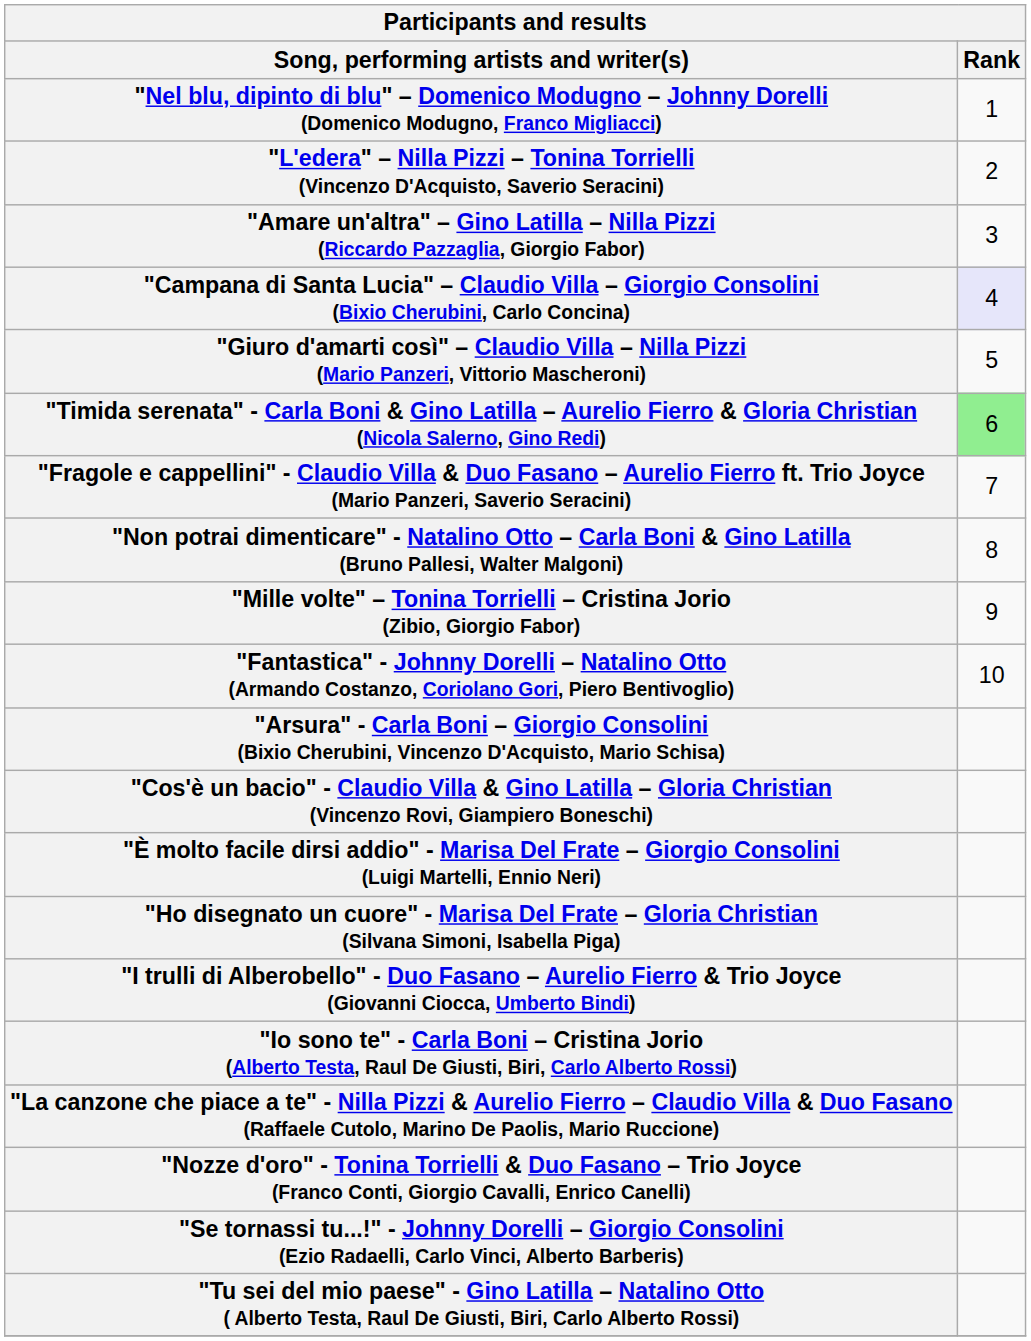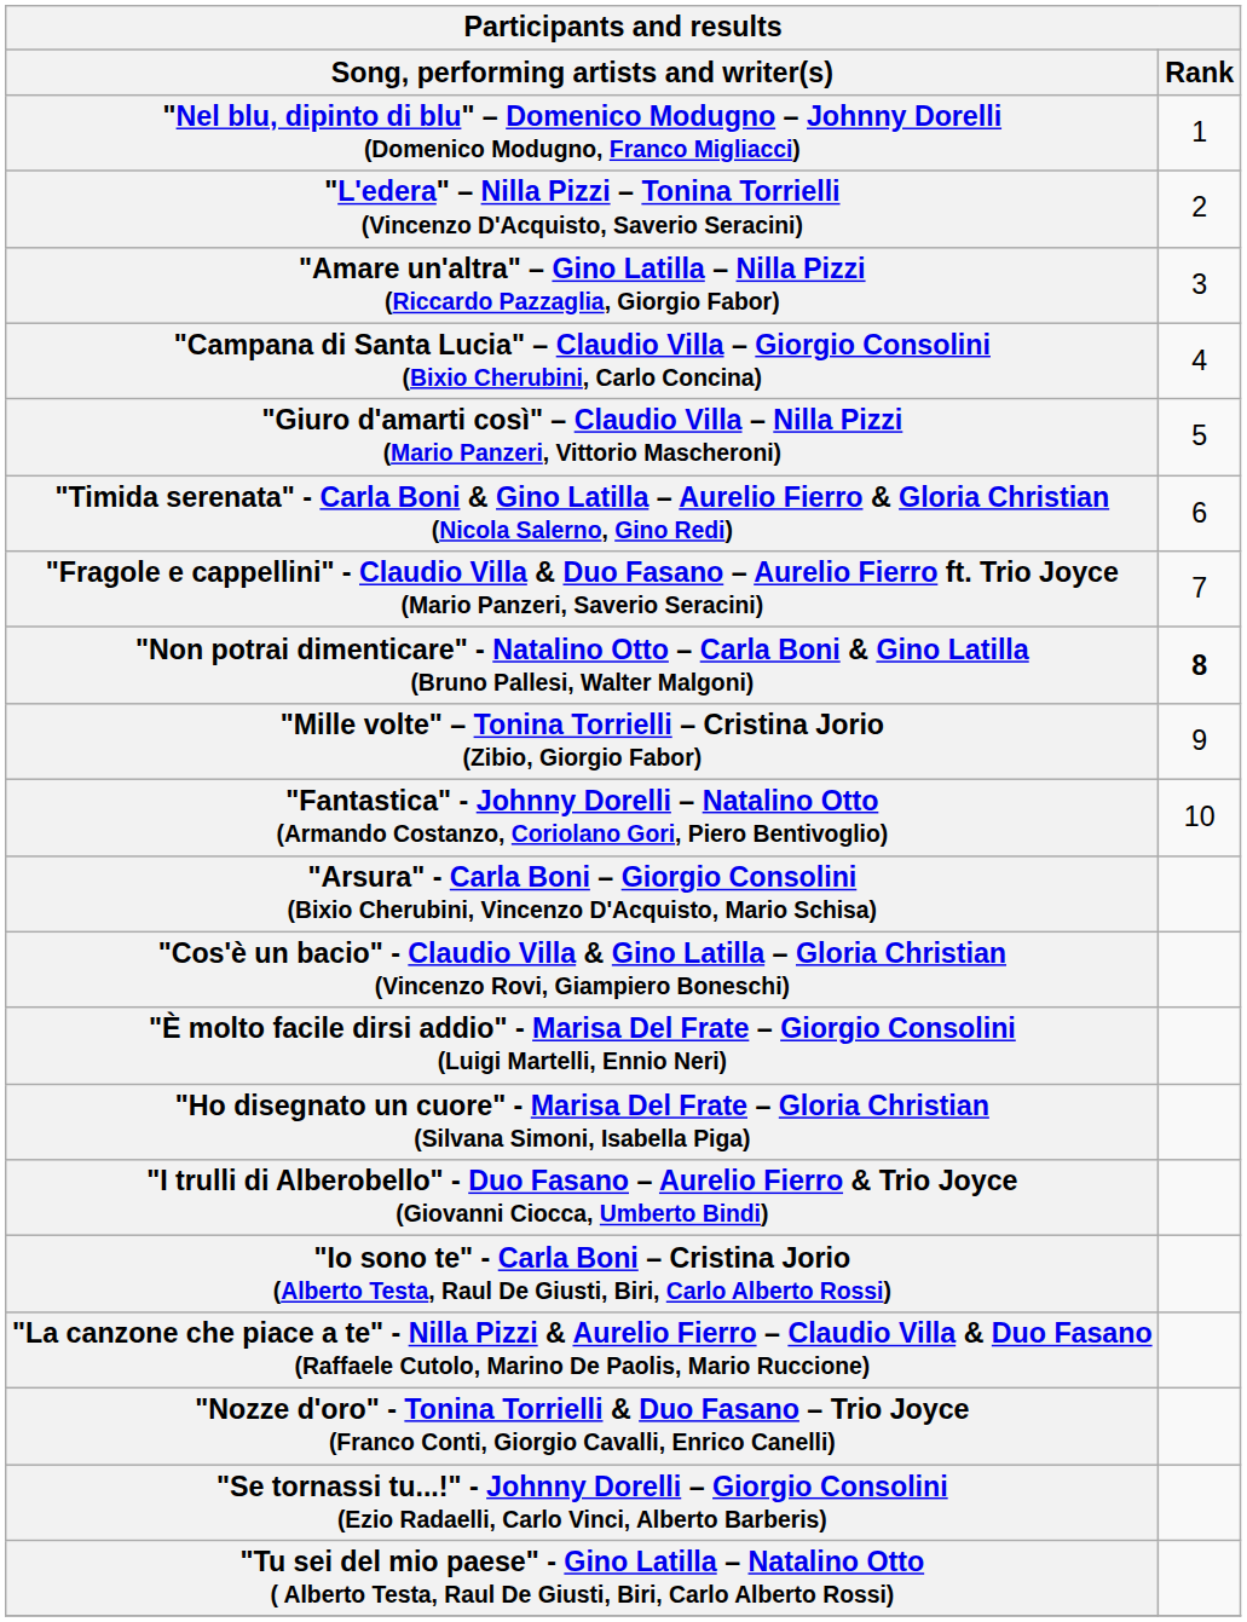 <table class="plainrowheaders wikitable">
 <tr>
 <th colspan="3">Participants and results</th>
 </tr>
 <tr>
 <th>Song, performing artists and writer(s)</th>
 <th>Rank</th>
 </tr>
 <tr>
 <th scope="row">"<a href='#'>Nel blu, dipinto di blu</a>" –  <a href='#'>Domenico Modugno</a> –  <a href='#'>Johnny Dorelli</a>    <br><small>  (Domenico Modugno, <a href='#'>Franco Migliacci</a>)</small></th>
 <td style="text-align:center;">1</td>
 </tr>
 <tr>
 <th scope="row">"<a href='#'>L'edera</a>" – <a href='#'>Nilla Pizzi</a> –  <a href='#'>Tonina Torrielli</a>  <br><small>(Vincenzo D'Acquisto, Saverio Seracini)</small></th>
 <td style="text-align:center;">2</td>
 </tr>
 <tr>
 <th scope="row">"Amare un'altra" – <a href='#'>Gino Latilla</a> –  <a href='#'>Nilla Pizzi</a>  <br><small> 	(<a href='#'>Riccardo Pazzaglia</a>, Giorgio Fabor) </small></th>
 <td style="text-align:center;">3</td>
 </tr>
 <tr>
 <th scope="row">"Campana di Santa Lucia" –  	<a href='#'>Claudio Villa</a> –  <a href='#'>Giorgio Consolini</a>  <br><small>(<a href='#'>Bixio Cherubini</a>, Carlo Concina)</small></th>
-<td style="background: lavender; text-align:center;">4</td>
+<td style="text-align:center;">4</td>
 </tr>
 <tr>
 <th scope="row">"Giuro d'amarti così"  –  <a href='#'>Claudio Villa</a> –  <a href='#'>Nilla Pizzi</a>  <br><small>(<a href='#'>Mario Panzeri</a>, Vittorio Mascheroni)</small></th>
 <td style="text-align:center;">5</td>
 </tr>
 <tr>
 <th scope="row">"Timida serenata" -  	<a href='#'>Carla Boni</a> & <a href='#'>Gino Latilla</a> – <a href='#'>Aurelio Fierro</a> & <a href='#'>Gloria Christian</a> <br><small>(<a href='#'>Nicola Salerno</a>, <a href='#'>Gino Redi</a>)</small></th>
-<td style="background: lightgreen; text-align:center;">6</td>
+<td style="text-align:center;">6</td>
 </tr>
 <tr>
 <th scope="row">"Fragole e cappellini" -    <a href='#'>Claudio Villa</a> & <a href='#'>Duo Fasano</a> – <a href='#'>Aurelio Fierro</a> ft. Trio Joyce  <br><small> (Mario Panzeri, Saverio Seracini)</small></th>
 <td style="text-align:center;">7</td>
 </tr>
 <tr>
 <th scope="row">"Non potrai dimenticare" -  <a href='#'>Natalino Otto</a> – <a href='#'>Carla Boni</a> & <a href='#'>Gino Latilla</a>   <br><small>  (Bruno Pallesi, Walter Malgoni)  </small></th>
-<td style="text-align:center;">8</td>
+<td style="text-align:center;"><strong>8</strong></td>
 </tr>
 <tr>
 <th scope="row">"Mille volte" – <a href='#'>Tonina Torrielli</a> – Cristina Jorio   <br><small> 	(Zibio, Giorgio Fabor)</small></th>
 <td style="text-align:center;">9</td>
 </tr>
 <tr>
 <th scope="row">"Fantastica" - <a href='#'>Johnny Dorelli</a> – <a href='#'>Natalino Otto</a>  <br><small> 	(Armando Costanzo, <a href='#'>Coriolano Gori</a>, Piero Bentivoglio)</small></th>
 <td style="text-align:center;">10</td>
 </tr>
 <tr>
 <th scope="row">"Arsura" - <a href='#'>Carla Boni</a> – <a href='#'>Giorgio Consolini</a> <br><small>  	(Bixio Cherubini, Vincenzo D'Acquisto, Mario Schisa)</small></th>
 <td></td>
 </tr>
 <tr>
 <th scope="row">"Cos'è un bacio" -  <a href='#'>Claudio Villa</a> & <a href='#'>Gino Latilla</a> – <a href='#'>Gloria Christian</a> <br><small> 	(Vincenzo Rovi, Giampiero Boneschi)</small></th>
 <td></td>
 </tr>
 <tr>
 <th scope="row">"È molto facile dirsi addio" - <a href='#'>Marisa Del Frate</a> – <a href='#'>Giorgio Consolini</a>  <br><small> 	  (Luigi Martelli, Ennio Neri)</small></th>
 <td></td>
 </tr>
 <tr>
 <th scope="row">"Ho disegnato un cuore" - <a href='#'>Marisa Del Frate</a> – <a href='#'>Gloria Christian</a> <br><small> 	(Silvana Simoni, Isabella Piga)</small></th>
 <td></td>
 </tr>
 <tr>
 <th scope="row">"I trulli di Alberobello" -  <a href='#'>Duo Fasano</a> – <a href='#'>Aurelio Fierro</a> & Trio Joyce <br><small> 	(Giovanni Ciocca, <a href='#'>Umberto Bindi</a>)</small></th>
 <td></td>
 </tr>
 <tr>
 <th scope="row">"Io sono te" - <a href='#'>Carla Boni</a> – Cristina Jorio  <br><small> 	(<a href='#'>Alberto Testa</a>, Raul De Giusti, Biri, <a href='#'>Carlo Alberto Rossi</a>)</small></th>
 <td></td>
 </tr>
 <tr>
 <th scope="row">"La canzone che piace a te" -  <a href='#'>Nilla Pizzi</a> & <a href='#'>Aurelio Fierro</a>  – <a href='#'>Claudio Villa</a> & <a href='#'>Duo Fasano</a>  <br><small> 	(Raffaele Cutolo, Marino De Paolis, Mario Ruccione)</small></th>
 <td></td>
 </tr>
 <tr>
 <th scope="row">"Nozze d'oro" -  <a href='#'>Tonina Torrielli</a> & <a href='#'>Duo Fasano</a> – Trio Joyce <br><small> 	 (Franco Conti, Giorgio Cavalli, Enrico Canelli)</small></th>
 <td></td>
 </tr>
 <tr>
 <th scope="row">"Se tornassi tu...!" -  <a href='#'>Johnny Dorelli</a> – <a href='#'>Giorgio Consolini</a>  <br><small> 	(Ezio Radaelli, Carlo Vinci, Alberto Barberis)</small></th>
 <td></td>
 </tr>
 <tr>
 <th scope="row">"Tu sei del mio paese" -  <a href='#'>Gino Latilla</a> – <a href='#'>Natalino Otto</a> <br><small> 	( Alberto Testa, Raul De Giusti, Biri, Carlo Alberto Rossi)</small></th>
 <td></td>
 </tr>
 <tr>
 </tr>
 </table>
